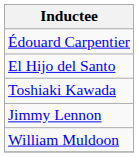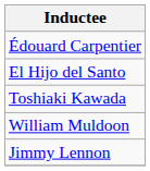 <table class="wikitable">
 <tr>
 <th>Inductee</th>
 </tr>
 <tr>
 <td><a href='#'>Édouard Carpentier</a></td>
 </tr>
 <tr>
 <td><a href='#'>El Hijo del Santo</a></td>
 </tr>
 <tr>
 <td><a href='#'>Toshiaki Kawada</a></td>
 </tr>
 <tr>
-<td><a href='#'>Jimmy Lennon</a></td>
+<td><a href='#'>William Muldoon</a></td>
 </tr>
 <tr>
-<td><a href='#'>William Muldoon</a></td>
+<td><a href='#'>Jimmy Lennon</a></td>
 </tr>
 <tr>
 </tr>
 </table>
